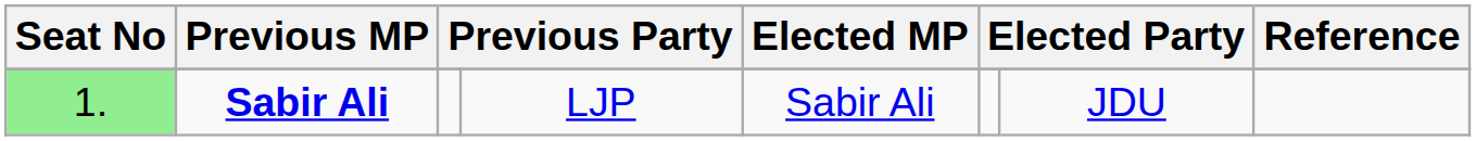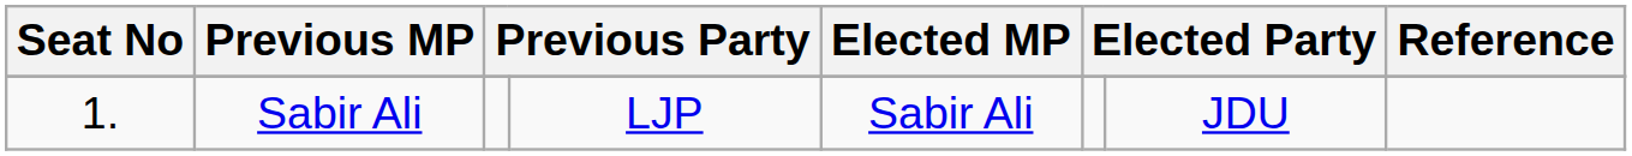 <table class="wikitable">
 <tr>
 <th>Seat No</th>
 <th>Previous MP</th>
 <th colspan=2>Previous Party</th>
 <th>Elected MP</th>
 <th colspan=2>Elected Party</th>
 <th>Reference</th>
 </tr>
 <tr>
 </tr>
 <tr style="text-align:center;">
-<td style="background: lightgreen;">1.</td>
-<td><strong><a href='#'>Sabir Ali</a></strong></td>
+<td>1.</td>
+<td><a href='#'>Sabir Ali</a></td>
 <td width="1px"></td>
 <td><a href='#'>LJP</a></td>
 <td><a href='#'>Sabir Ali</a></td>
 <td width="1px"></td>
 <td><a href='#'>JDU</a></td>
 <td></td>
 </tr>
 </table>
